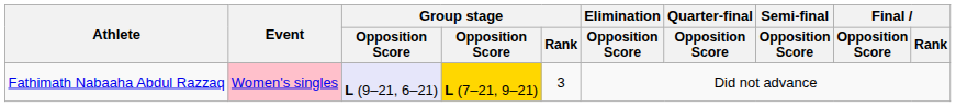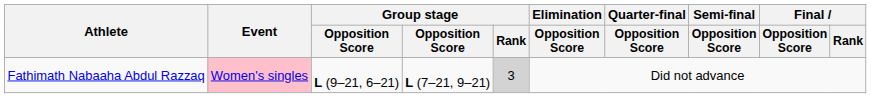 <table class="wikitable" style="font-size:90%">
 <tr>
 <th rowspan="2">Athlete</th>
 <th rowspan="2">Event</th>
 <th colspan="3">Group stage</th>
 <th>Elimination</th>
 <th>Quarter-final</th>
 <th>Semi-final</th>
 <th colspan="2">Final / </th>
 </tr>
 <tr style="font-size:95%">
 <th>Opposition<br>Score</th>
 <th>Opposition<br>Score</th>
 <th>Rank</th>
 <th>Opposition<br>Score</th>
 <th>Opposition<br>Score</th>
 <th>Opposition<br>Score</th>
 <th>Opposition<br>Score</th>
 <th>Rank</th>
 </tr>
 <tr align="center">
 <td align="left"><a href='#'>Fathimath Nabaaha Abdul Razzaq</a></td>
 <td align="left" style="background: pink;"><a href='#'>Women's singles</a></td>
-<td style="background: lavender;"><br><strong>L</strong> (9–21, 6–21)</td>
-<td style="background: gold;"><br><strong>L</strong> (7–21, 9–21)</td>
-<td>3</td>
+<td><br><strong>L</strong> (9–21, 6–21)</td>
+<td><br><strong>L</strong> (7–21, 9–21)</td>
+<td style="background: lightgrey;">3</td>
 <td colspan=5>Did not advance</td>
 </tr>
 </table>
